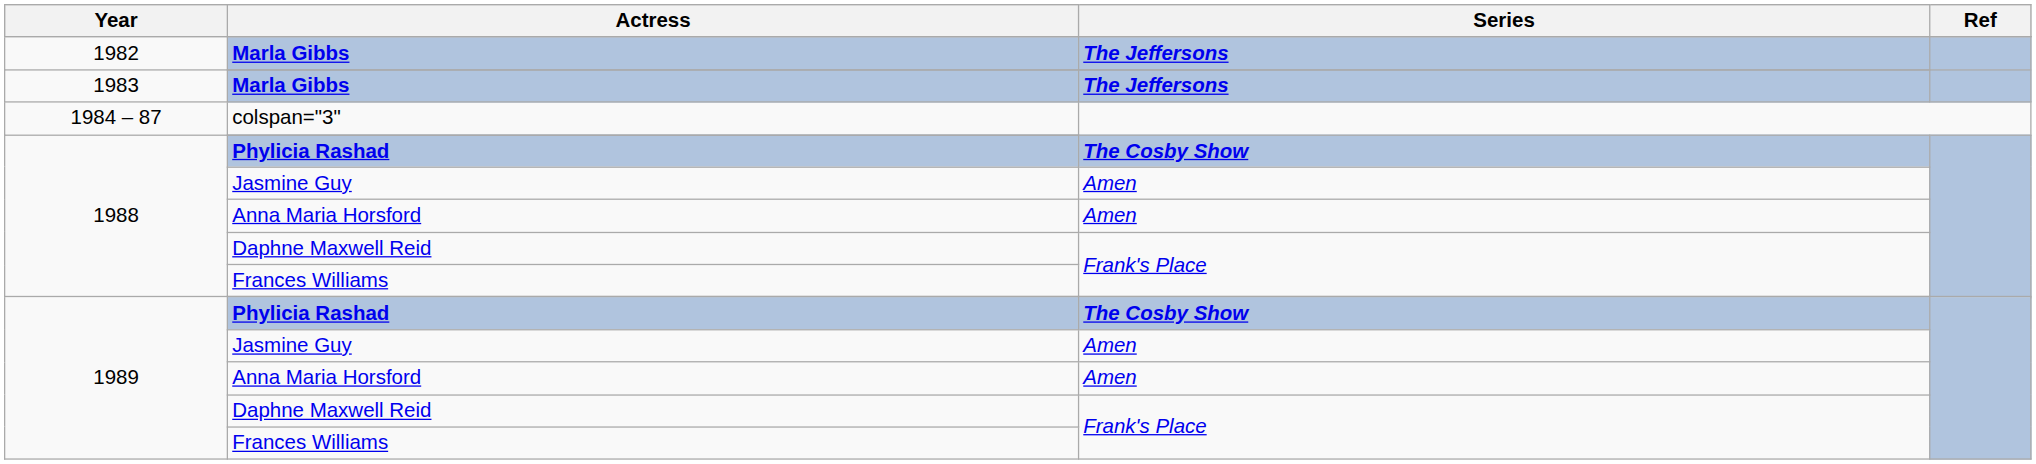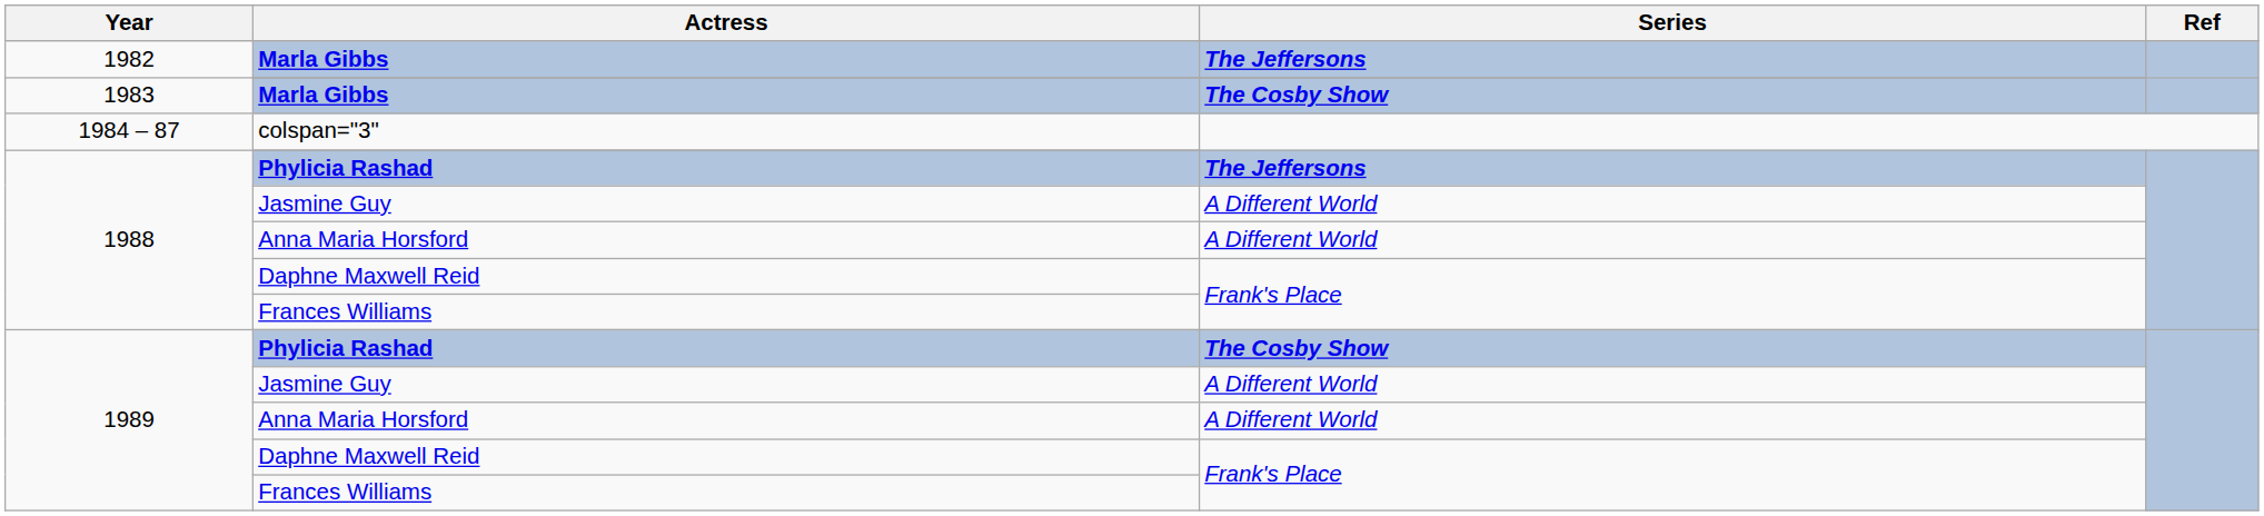 <table class="wikitable" style="width:100%;">
 <tr style="background:#bebebe;">
 <th style="width:11%;">Year</th>
 <th style="width:42%;">Actress</th>
 <th style="width:42%;">Series</th>
 <th style="width:5%;">Ref</th>
 </tr>
 <tr>
 <td rowspan="2" align="center">1982</td>
 </tr>
 <tr style="background:#B0C4DE">
 <td><strong><a href='#'>Marla Gibbs</a></strong></td>
 <td><strong><em><a href='#'>The Jeffersons</a></em></strong></td>
 <td rowspan="2" align="center"></td>
 </tr>
 <tr>
 <td rowspan="2" align="center">1983</td>
 </tr>
 <tr style="background:#B0C4DE">
 <td><strong><a href='#'>Marla Gibbs</a></strong></td>
-<td><strong><em><a href='#'>The Jeffersons</a></em></strong></td>
+<td><strong><em><a href='#'>The Cosby Show</a></em></strong></td>
 <td align="center"></td>
 </tr>
 <tr>
 <td align="center">1984 – 87</td>
 <td>colspan="3" </td>
 </tr>
 <tr>
 <td rowspan="6" align="center">1988</td>
 </tr>
 <tr style="background:#B0C4DE">
 <td><strong><a href='#'>Phylicia Rashad</a></strong></td>
-<td><strong><em><a href='#'>The Cosby Show</a></em></strong></td>
+<td><strong><em><a href='#'>The Jeffersons</a></em></strong></td>
 <td rowspan="6" align="center"></td>
 </tr>
 <tr>
 <td><a href='#'>Jasmine Guy</a></td>
-<td><em><a href='#'>Amen</a></em></td>
+<td><em><a href='#'>A Different World</a></em></td>
 </tr>
 <tr>
 <td><a href='#'>Anna Maria Horsford</a></td>
-<td><em><a href='#'>Amen</a></em></td>
+<td><em><a href='#'>A Different World</a></em></td>
 </tr>
 <tr>
 <td><a href='#'>Daphne Maxwell Reid</a></td>
 <td rowspan="2"><em><a href='#'>Frank's Place</a></em></td>
 </tr>
 <tr>
 <td><a href='#'>Frances Williams</a></td>
 </tr>
 <tr>
 <td rowspan="6" align="center">1989</td>
 </tr>
 <tr style="background:#B0C4DE">
 <td><strong><a href='#'>Phylicia Rashad</a></strong></td>
 <td><strong><em><a href='#'>The Cosby Show</a></em></strong></td>
 <td rowspan="6" align="center"></td>
 </tr>
 <tr>
 <td><a href='#'>Jasmine Guy</a></td>
-<td><em><a href='#'>Amen</a></em></td>
+<td><em><a href='#'>A Different World</a></em></td>
 </tr>
 <tr>
 <td><a href='#'>Anna Maria Horsford</a></td>
-<td><em><a href='#'>Amen</a></em></td>
+<td><em><a href='#'>A Different World</a></em></td>
 </tr>
 <tr>
 <td><a href='#'>Daphne Maxwell Reid</a></td>
 <td rowspan="2"><em><a href='#'>Frank's Place</a></em></td>
 </tr>
 <tr>
 <td><a href='#'>Frances Williams</a></td>
 </tr>
 </table>
